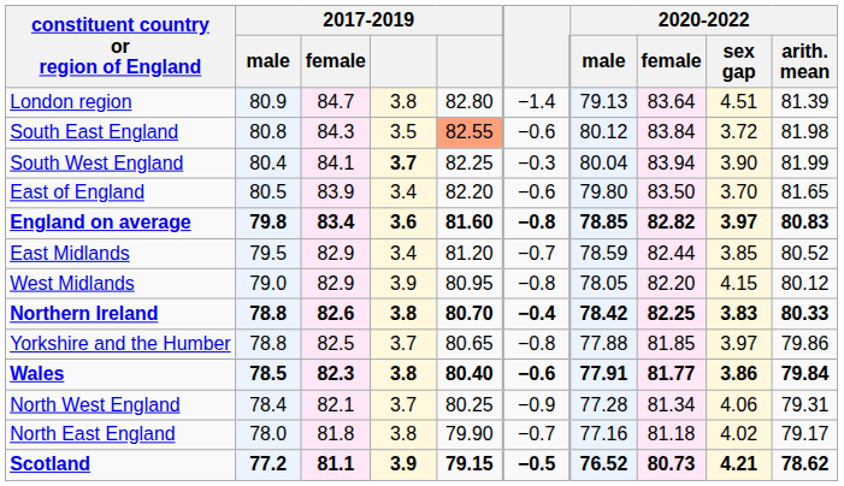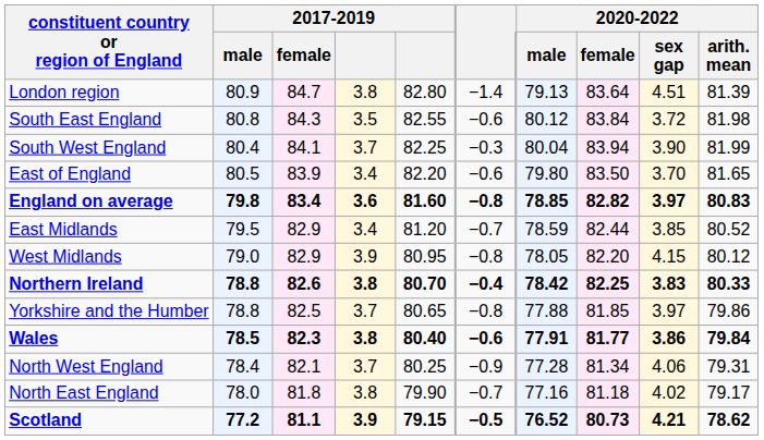 <table class="wikitable sortable static-row-numbers" style="text-align:right;">
 <tr class="static-row-header" style="text-align:center;vertical-align:bottom;">
 <th rowspan=2 style="vertical-align:middle;"><a href='#'>constituent country</a><br>or<br><a href='#'>region of England</a></th>
 <th colspan=4>2017-2019</th>
 <th rowspan=2 style="vertical-align:middle;width:3em;border-left-width:2px;"></th>
 <th colspan=4>2020-2022</th>
 </tr>
 <tr class="static-row-header" style="text-align:center;vertical-align:bottom;">
 <th style="vertical-align:middle;width:3em;">male</th>
 <th style="vertical-align:middle;width:3em;">female</th>
 <th style="vertical-align:middle;width:3em;"></th>
 <th style="vertical-align:middle;width:3em;"></th>
 <th style="vertical-align:middle;width:3em;border-left-width:2px;">male</th>
 <th style="vertical-align:middle;width:3em;">female</th>
 <th style="vertical-align:middle;width:3em;">sex gap</th>
 <th style="vertical-align:middle;width:3em;">arith. mean</th>
 </tr>
 <tr>
 <td style="text-align:left;"><a href='#'>London region</a></td>
 <td style="text-align:center;background:#eaf3ff;">80.9</td>
 <td style="text-align:center;background:#fee7f6;">84.7</td>
 <td style="text-align:center;background:#fff8dc;">3.8</td>
 <td style="text-align:center;">82.80</td>
 <td style="text-align:center;border-left-width:2px;">−1.4</td>
 <td style="text-align:center;background:#eaf3ff;border-left-width:2px;">79.13</td>
 <td style="text-align:center;background:#fee7f6;">83.64</td>
 <td style="text-align:center;background:#fff8dc;">4.51</td>
 <td style="text-align:center;">81.39</td>
 </tr>
 <tr>
 <td style="text-align:left;"><a href='#'>South East England</a></td>
 <td style="text-align:center;background:#eaf3ff;">80.8</td>
 <td style="text-align:center;background:#fee7f6;">84.3</td>
 <td style="text-align:center;background:#fff8dc;">3.5</td>
-<td style="background: lightsalmon; text-align:center;">82.55</td>
+<td style="text-align:center;">82.55</td>
 <td style="text-align:center;border-left-width:2px;">−0.6</td>
 <td style="text-align:center;background:#eaf3ff;border-left-width:2px;">80.12</td>
 <td style="text-align:center;background:#fee7f6;">83.84</td>
 <td style="text-align:center;background:#fff8dc;">3.72</td>
 <td style="text-align:center;">81.98</td>
 </tr>
 <tr>
 <td style="text-align:left;"><a href='#'>South West England</a></td>
 <td style="text-align:center;background:#eaf3ff;">80.4</td>
 <td style="text-align:center;background:#fee7f6;">84.1</td>
-<td style="text-align:center;background:#fff8dc;"><strong>3.7</strong></td>
+<td style="text-align:center;background:#fff8dc;">3.7</td>
 <td style="text-align:center;">82.25</td>
 <td style="text-align:center;border-left-width:2px;">−0.3</td>
 <td style="text-align:center;background:#eaf3ff;border-left-width:2px;">80.04</td>
 <td style="text-align:center;background:#fee7f6;">83.94</td>
 <td style="text-align:center;background:#fff8dc;">3.90</td>
 <td style="text-align:center;">81.99</td>
 </tr>
 <tr>
 <td style="text-align:left;"><a href='#'>East of England</a></td>
 <td style="text-align:center;background:#eaf3ff;">80.5</td>
 <td style="text-align:center;background:#fee7f6;">83.9</td>
 <td style="text-align:center;background:#fff8dc;">3.4</td>
 <td style="text-align:center;">82.20</td>
 <td style="text-align:center;border-left-width:2px;">−0.6</td>
 <td style="text-align:center;background:#eaf3ff;border-left-width:2px;">79.80</td>
 <td style="text-align:center;background:#fee7f6;">83.50</td>
 <td style="text-align:center;background:#fff8dc;">3.70</td>
 <td style="text-align:center;">81.65</td>
 </tr>
 <tr class=static-row-header>
 <td style="text-align:left;"><strong><a href='#'>England on average</a></strong></td>
 <td style="text-align:center;background:#eaf3ff;"><strong>79.8</strong></td>
 <td style="text-align:center;background:#fee7f6;"><strong>83.4</strong></td>
 <td style="text-align:center;background:#fff8dc;"><strong>3.6</strong></td>
 <td style="text-align:center;"><strong>81.60</strong></td>
 <td style="text-align:center;border-left-width:2px;"><strong>−0.8</strong></td>
 <td style="text-align:center;background:#eaf3ff;border-left-width:2px;"><strong>78.85</strong></td>
 <td style="text-align:center;background:#fee7f6;"><strong>82.82</strong></td>
 <td style="text-align:center;background:#fff8dc;"><strong>3.97</strong></td>
 <td style="text-align:center;"><strong>80.83</strong></td>
 </tr>
 <tr>
 <td style="text-align:left;"><a href='#'>East Midlands</a></td>
 <td style="text-align:center;background:#eaf3ff;">79.5</td>
 <td style="text-align:center;background:#fee7f6;">82.9</td>
 <td style="text-align:center;background:#fff8dc;">3.4</td>
 <td style="text-align:center;">81.20</td>
 <td style="text-align:center;border-left-width:2px;">−0.7</td>
 <td style="text-align:center;background:#eaf3ff;border-left-width:2px;">78.59</td>
 <td style="text-align:center;background:#fee7f6;">82.44</td>
 <td style="text-align:center;background:#fff8dc;">3.85</td>
 <td style="text-align:center;">80.52</td>
 </tr>
 <tr>
 <td style="text-align:left;"><a href='#'>West Midlands</a></td>
 <td style="text-align:center;background:#eaf3ff;">79.0</td>
 <td style="text-align:center;background:#fee7f6;">82.9</td>
 <td style="text-align:center;background:#fff8dc;">3.9</td>
 <td style="text-align:center;">80.95</td>
 <td style="text-align:center;border-left-width:2px;">−0.8</td>
 <td style="text-align:center;background:#eaf3ff;border-left-width:2px;">78.05</td>
 <td style="text-align:center;background:#fee7f6;">82.20</td>
 <td style="text-align:center;background:#fff8dc;">4.15</td>
 <td style="text-align:center;">80.12</td>
 </tr>
 <tr>
 <td style="text-align:left;"><strong><a href='#'>Northern Ireland</a></strong></td>
 <td style="text-align:center;background:#eaf3ff;"><strong>78.8</strong></td>
 <td style="text-align:center;background:#fee7f6;"><strong>82.6</strong></td>
 <td style="text-align:center;background:#fff8dc;"><strong>3.8</strong></td>
 <td style="text-align:center;"><strong>80.70</strong></td>
 <td style="text-align:center;border-left-width:2px;"><strong>−0.4</strong></td>
 <td style="text-align:center;background:#eaf3ff;border-left-width:2px;"><strong>78.42</strong></td>
 <td style="text-align:center;background:#fee7f6;"><strong>82.25</strong></td>
 <td style="text-align:center;background:#fff8dc;"><strong>3.83</strong></td>
 <td style="text-align:center;"><strong>80.33</strong></td>
 </tr>
 <tr>
 <td style="text-align:left;"><a href='#'>Yorkshire and the Humber</a></td>
 <td style="text-align:center;background:#eaf3ff;">78.8</td>
 <td style="text-align:center;background:#fee7f6;">82.5</td>
 <td style="text-align:center;background:#fff8dc;">3.7</td>
 <td style="text-align:center;">80.65</td>
 <td style="text-align:center;border-left-width:2px;">−0.8</td>
 <td style="text-align:center;background:#eaf3ff;border-left-width:2px;">77.88</td>
 <td style="text-align:center;background:#fee7f6;">81.85</td>
 <td style="text-align:center;background:#fff8dc;">3.97</td>
 <td style="text-align:center;">79.86</td>
 </tr>
 <tr>
 <td style="text-align:left;"><strong><a href='#'>Wales</a></strong></td>
 <td style="text-align:center;background:#eaf3ff;"><strong>78.5</strong></td>
 <td style="text-align:center;background:#fee7f6;"><strong>82.3</strong></td>
 <td style="text-align:center;background:#fff8dc;"><strong>3.8</strong></td>
 <td style="text-align:center;"><strong>80.40</strong></td>
 <td style="text-align:center;border-left-width:2px;"><strong>−0.6</strong></td>
 <td style="text-align:center;background:#eaf3ff;border-left-width:2px;"><strong>77.91</strong></td>
 <td style="text-align:center;background:#fee7f6;"><strong>81.77</strong></td>
 <td style="text-align:center;background:#fff8dc;"><strong>3.86</strong></td>
 <td style="text-align:center;"><strong>79.84</strong></td>
 </tr>
 <tr>
 <td style="text-align:left;"><a href='#'>North West England</a></td>
 <td style="text-align:center;background:#eaf3ff;">78.4</td>
 <td style="text-align:center;background:#fee7f6;">82.1</td>
 <td style="text-align:center;background:#fff8dc;">3.7</td>
 <td style="text-align:center;">80.25</td>
 <td style="text-align:center;border-left-width:2px;">−0.9</td>
 <td style="text-align:center;background:#eaf3ff;border-left-width:2px;">77.28</td>
 <td style="text-align:center;background:#fee7f6;">81.34</td>
 <td style="text-align:center;background:#fff8dc;">4.06</td>
 <td style="text-align:center;">79.31</td>
 </tr>
 <tr>
 <td style="text-align:left;"><a href='#'>North East England</a></td>
 <td style="text-align:center;background:#eaf3ff;">78.0</td>
 <td style="text-align:center;background:#fee7f6;">81.8</td>
 <td style="text-align:center;background:#fff8dc;">3.8</td>
 <td style="text-align:center;">79.90</td>
 <td style="text-align:center;border-left-width:2px;">−0.7</td>
 <td style="text-align:center;background:#eaf3ff;border-left-width:2px;">77.16</td>
 <td style="text-align:center;background:#fee7f6;">81.18</td>
 <td style="text-align:center;background:#fff8dc;">4.02</td>
 <td style="text-align:center;">79.17</td>
 </tr>
 <tr>
 <td style="text-align:left;"><strong><a href='#'>Scotland</a></strong></td>
 <td style="text-align:center;background:#eaf3ff;"><strong>77.2</strong></td>
 <td style="text-align:center;background:#fee7f6;"><strong>81.1</strong></td>
 <td style="text-align:center;background:#fff8dc;"><strong>3.9</strong></td>
 <td style="text-align:center;"><strong>79.15</strong></td>
 <td style="text-align:center;border-left-width:2px;"><strong>−0.5</strong></td>
 <td style="text-align:center;background:#eaf3ff;border-left-width:2px;"><strong>76.52</strong></td>
 <td style="text-align:center;background:#fee7f6;"><strong>80.73</strong></td>
 <td style="text-align:center;background:#fff8dc;"><strong>4.21</strong></td>
 <td style="text-align:center;"><strong>78.62</strong></td>
 </tr>
 </table>
